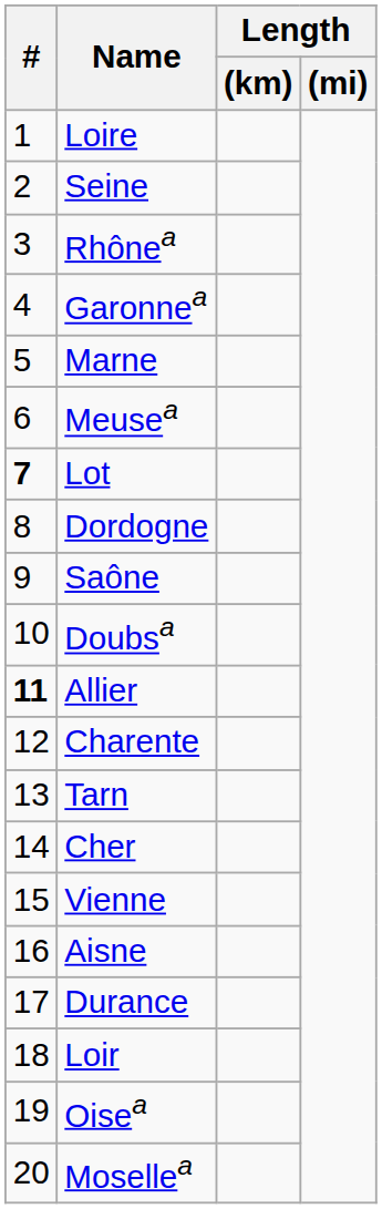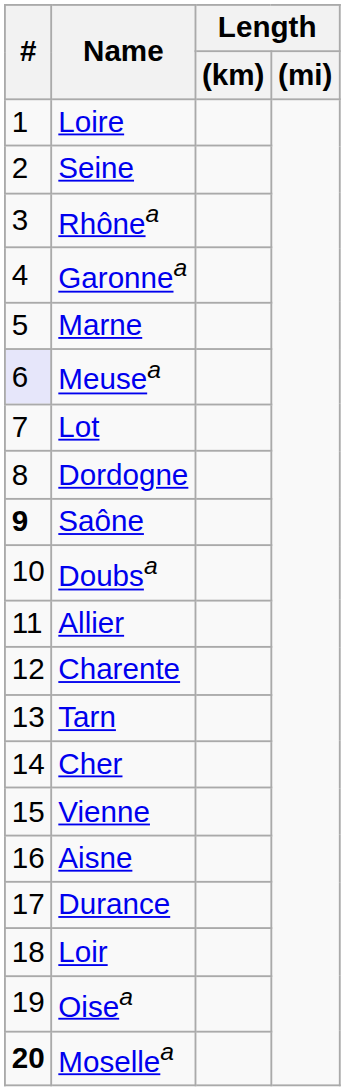 <table class="wikitable">
 <tr>
 <th rowspan=2>#</th>
 <th rowspan=2>Name</th>
 <th colspan=2>Length</th>
 </tr>
 <tr>
 <th>(km)</th>
 <th>(mi)</th>
 </tr>
 <tr>
 <td>1</td>
 <td><a href='#'>Loire</a></td>
 <td></td>
 </tr>
 <tr>
 <td>2</td>
 <td><a href='#'>Seine</a></td>
 <td></td>
 </tr>
 <tr>
 <td>3</td>
 <td><a href='#'>Rhône</a><sup><em>a</em></sup></td>
 <td></td>
 </tr>
 <tr>
 <td>4</td>
 <td><a href='#'>Garonne</a><sup><em>a</em></sup></td>
 <td></td>
 </tr>
 <tr>
 <td>5</td>
 <td><a href='#'>Marne</a></td>
 <td></td>
 </tr>
 <tr>
-<td>6</td>
+<td style="background: lavender;">6</td>
 <td><a href='#'>Meuse</a><sup><em>a</em></sup></td>
 <td></td>
 </tr>
 <tr>
-<td><strong>7</strong></td>
+<td>7</td>
 <td><a href='#'>Lot</a></td>
 <td></td>
 </tr>
 <tr>
 <td>8</td>
 <td><a href='#'>Dordogne</a></td>
 <td></td>
 </tr>
 <tr>
-<td>9</td>
+<td><strong>9</strong></td>
 <td><a href='#'>Saône</a></td>
 <td></td>
 </tr>
 <tr>
 <td>10</td>
 <td><a href='#'>Doubs</a><sup><em>a</em></sup></td>
 <td></td>
 </tr>
 <tr>
-<td><strong>11</strong></td>
+<td>11</td>
 <td><a href='#'>Allier</a></td>
 <td></td>
 </tr>
 <tr>
 <td>12</td>
 <td><a href='#'>Charente</a></td>
 <td></td>
 </tr>
 <tr>
 <td>13</td>
 <td><a href='#'>Tarn</a></td>
 <td></td>
 </tr>
 <tr>
 <td>14</td>
 <td><a href='#'>Cher</a></td>
 <td></td>
 </tr>
 <tr>
 <td>15</td>
 <td><a href='#'>Vienne</a></td>
 <td></td>
 </tr>
 <tr>
 <td>16</td>
 <td><a href='#'>Aisne</a></td>
 <td></td>
 </tr>
 <tr>
 <td>17</td>
 <td><a href='#'>Durance</a></td>
 <td></td>
 </tr>
 <tr>
 <td>18</td>
 <td><a href='#'>Loir</a></td>
 <td></td>
 </tr>
 <tr>
 <td>19</td>
 <td><a href='#'>Oise</a><sup><em>a</em></sup></td>
 <td></td>
 </tr>
 <tr>
-<td>20</td>
+<td><strong>20</strong></td>
 <td><a href='#'>Moselle</a><sup><em>a</em></sup></td>
 <td></td>
 </tr>
 </table>
